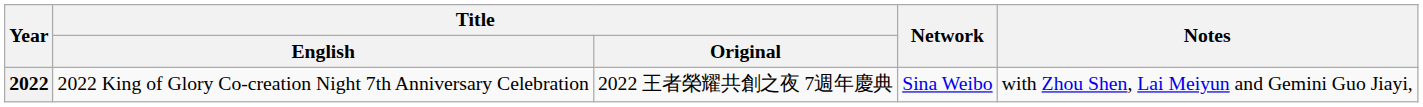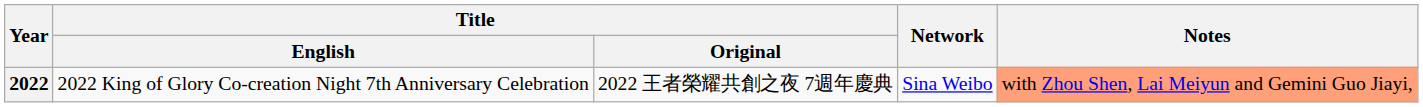 <table class="wikitable sortable plainrowheaders">
 <tr>
 <th scope="col" rowspan="2">Year</th>
 <th scope="col" colspan="2">Title</th>
 <th scope="col" rowspan="2">Network</th>
 <th scope="col" rowspan="2">Notes</th>
 </tr>
 <tr>
 <th scope="col">English</th>
 <th scope="col">Original</th>
 </tr>
 <tr>
 <th scope="row">2022</th>
 <td>2022 King of Glory Co-creation Night 7th Anniversary Celebration</td>
 <td>2022 王者榮耀共創之夜 7週年慶典</td>
 <td><a href='#'>Sina Weibo</a></td>
-<td>with <a href='#'>Zhou Shen</a>, <a href='#'>Lai Meiyun</a> and  Gemini Guo Jiayi,</td>
+<td style="background: lightsalmon;">with <a href='#'>Zhou Shen</a>, <a href='#'>Lai Meiyun</a> and  Gemini Guo Jiayi,</td>
 </tr>
 </table>
